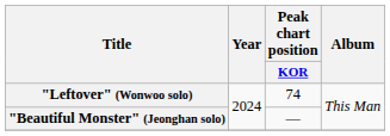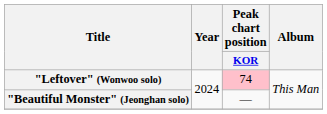 <table class="wikitable plainrowheaders" style="text-align:center;">
 <tr>
 <th scope="col" rowspan="2">Title</th>
 <th scope="col" rowspan="2">Year</th>
 <th scope="col" colspan="1">Peak chart position</th>
 <th scope="col" rowspan="2">Album</th>
 </tr>
 <tr>
 <th scope="col" style="width:3em;font-size:90%"><a href='#'>KOR</a><br></th>
 </tr>
 <tr>
 <th scope="row">"Leftover" <small>(Wonwoo solo)</small></th>
 <td rowspan="2">2024</td>
-<td>74</td>
+<td style="background: pink;">74</td>
 <td rowspan="2"><em>This Man</em></td>
 </tr>
 <tr>
 <th scope="row">"Beautiful Monster" <small>(Jeonghan solo)</small></th>
 <td>—</td>
 </tr>
 <tr>
 </tr>
 </table>
